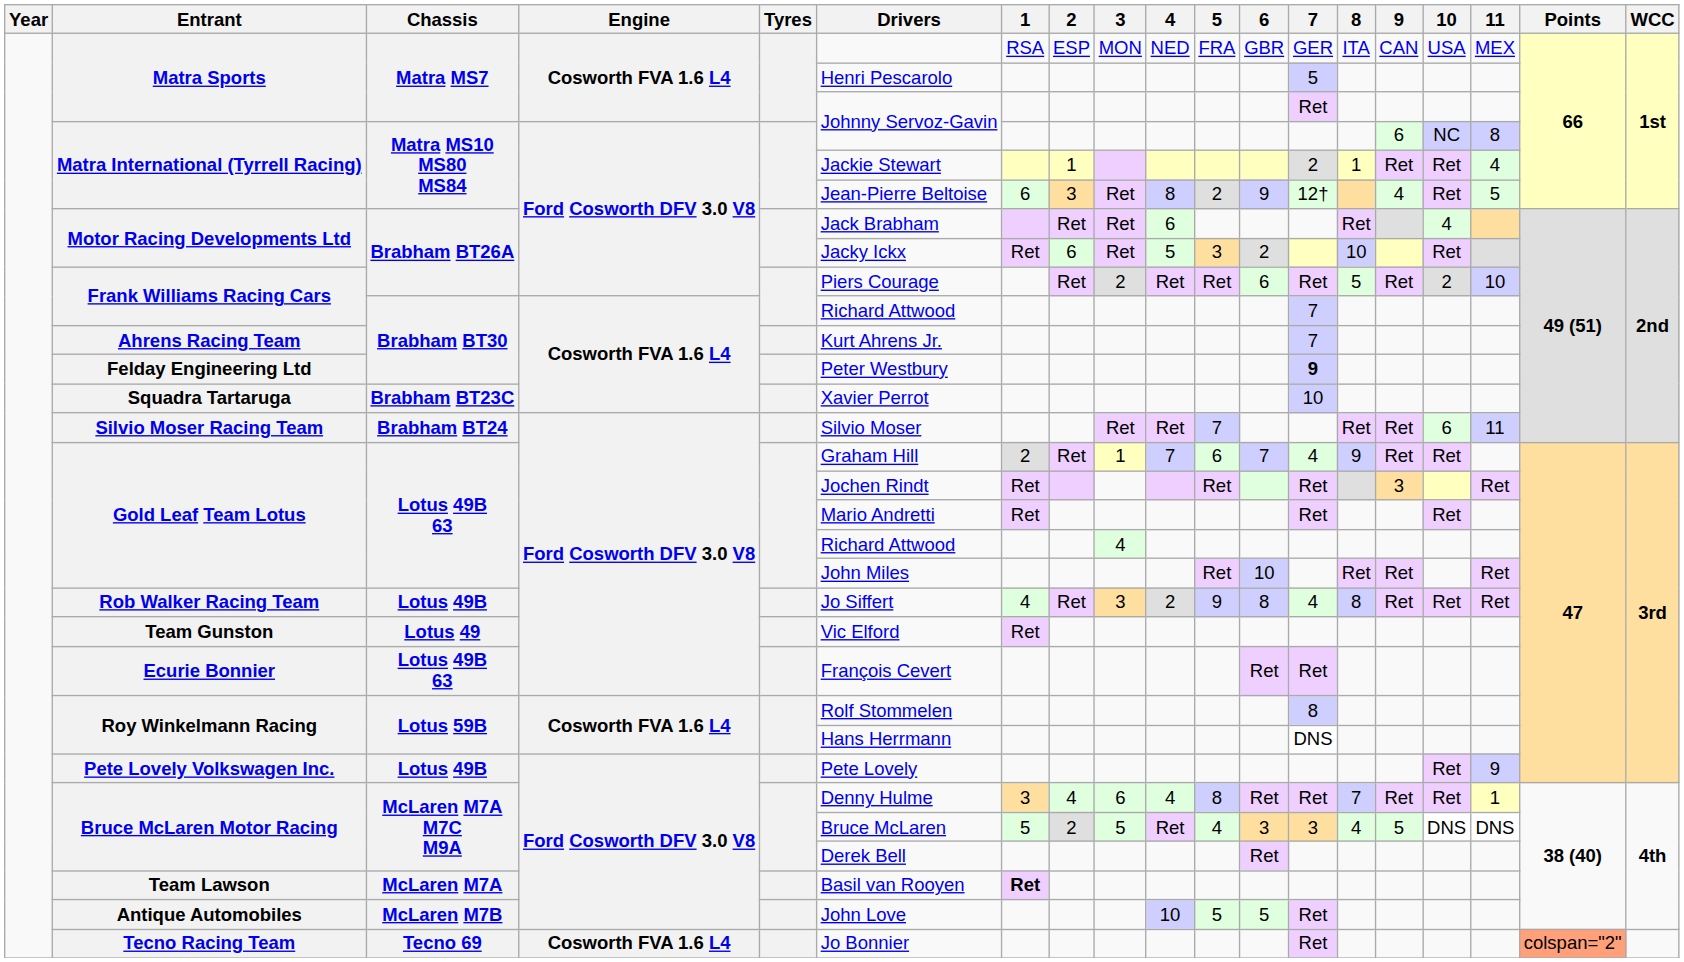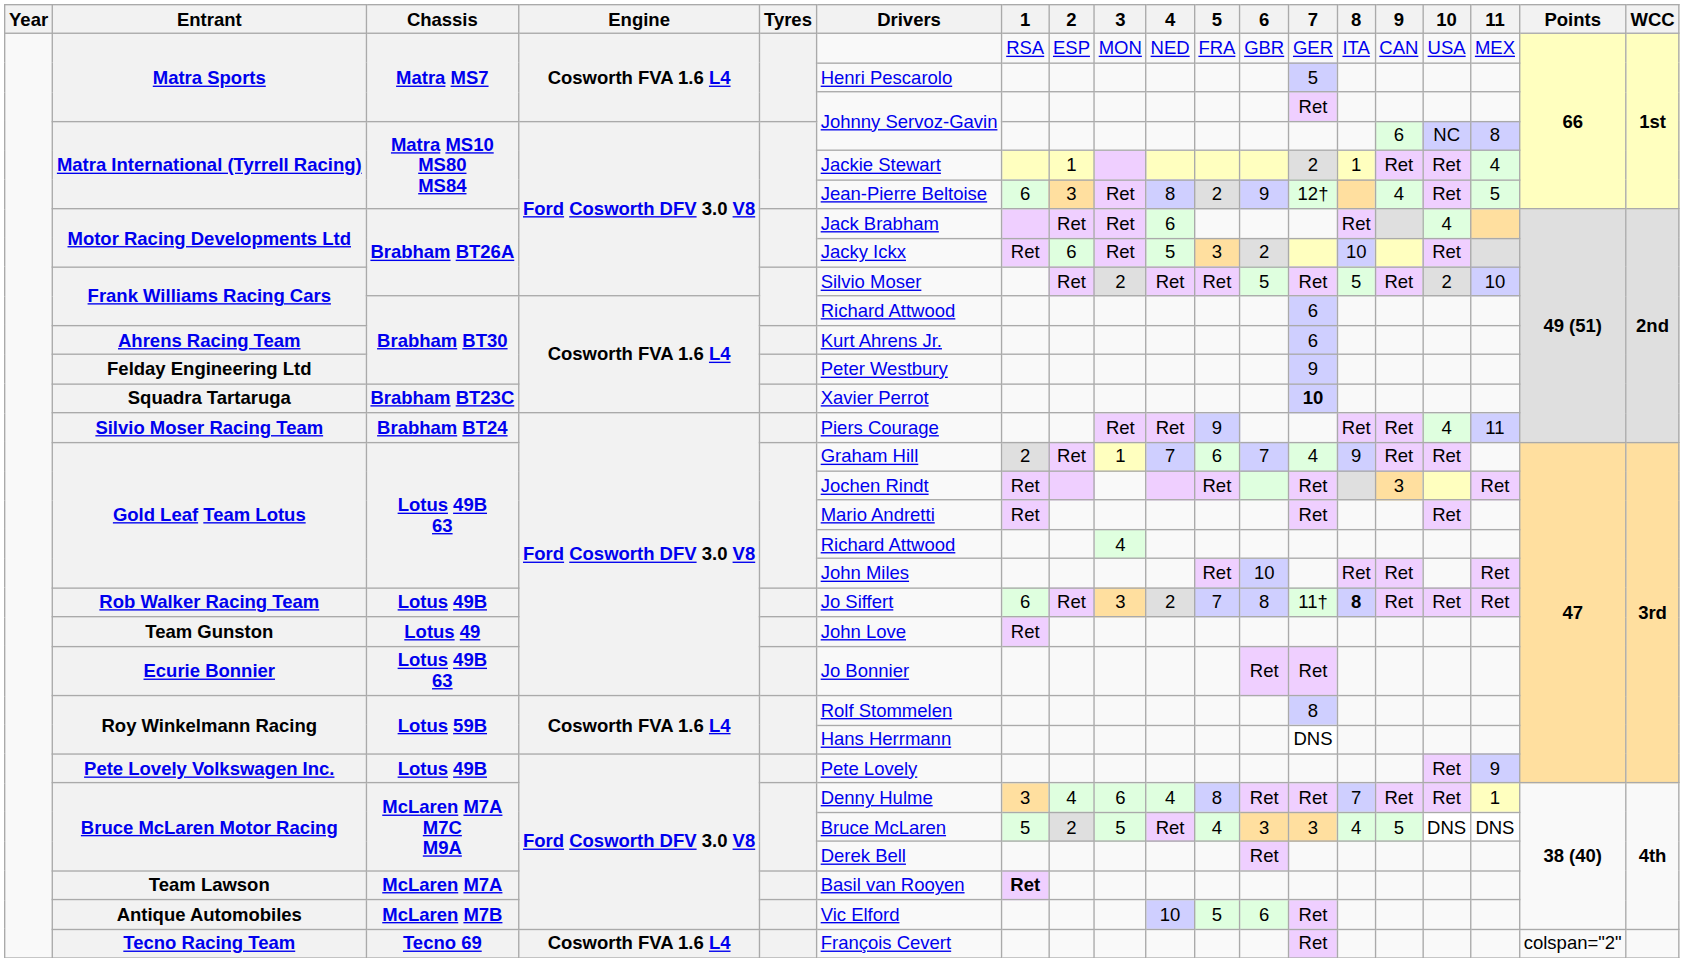 <table class="wikitable" style="text-align:center; font-size:85%">
 <tr>
 <th>Year</th>
 <th>Entrant</th>
 <th>Chassis</th>
 <th>Engine</th>
 <th>Tyres</th>
 <th>Drivers</th>
 <th>1</th>
 <th>2</th>
 <th>3</th>
 <th>4</th>
 <th>5</th>
 <th>6</th>
 <th>7</th>
 <th>8</th>
 <th>9</th>
 <th>10</th>
 <th>11</th>
 <th>Points</th>
 <th>WCC</th>
 </tr>
 <tr>
 <td rowspan="31"></td>
 <th rowspan="3"><a href='#'>Matra Sports</a></th>
 <th rowspan="3"><a href='#'>Matra</a> <a href='#'>MS7</a></th>
 <th rowspan="3">Cosworth FVA 1.6 <a href='#'>L4</a></th>
 <th rowspan="3"></th>
 <td></td>
 <td><a href='#'>RSA</a></td>
 <td><a href='#'>ESP</a></td>
 <td><a href='#'>MON</a></td>
 <td><a href='#'>NED</a></td>
 <td><a href='#'>FRA</a></td>
 <td><a href='#'>GBR</a></td>
 <td><a href='#'>GER</a></td>
 <td><a href='#'>ITA</a></td>
 <td><a href='#'>CAN</a></td>
 <td><a href='#'>USA</a></td>
 <td><a href='#'>MEX</a></td>
 <td rowspan="6" style="background:#ffffbf;"><strong>66</strong></td>
 <td rowspan="6" style="background:#ffffbf;"><strong>1st</strong></td>
 </tr>
 <tr>
 <td align="left"><a href='#'>Henri Pescarolo</a></td>
 <td></td>
 <td></td>
 <td></td>
 <td></td>
 <td></td>
 <td></td>
 <td style="background:#CFCFFF;">5</td>
 <td></td>
 <td></td>
 <td></td>
 <td></td>
 </tr>
 <tr>
 <td align="left" rowspan="2"><a href='#'>Johnny Servoz-Gavin</a></td>
 <td></td>
 <td></td>
 <td></td>
 <td></td>
 <td></td>
 <td></td>
 <td style="background:#EFCFFF;">Ret</td>
 <td></td>
 <td></td>
 <td></td>
 <td></td>
 </tr>
 <tr>
 <th rowspan="3"><a href='#'>Matra International (Tyrrell Racing)</a></th>
 <th rowspan="3"><a href='#'>Matra</a> <a href='#'>MS10</a><br><a href='#'>MS80</a><br><a href='#'>MS84</a></th>
 <th rowspan="6"><a href='#'>Ford</a> <a href='#'>Cosworth DFV</a> 3.0 <a href='#'>V8</a></th>
 <th rowspan="3"></th>
 <td></td>
 <td></td>
 <td></td>
 <td></td>
 <td></td>
 <td></td>
 <td></td>
 <td></td>
 <td style="background:#dfffdf;">6</td>
 <td style="background:#cfcfff;">NC</td>
 <td style="background:#cfcfff;">8</td>
 </tr>
 <tr>
 <td align="left"><a href='#'>Jackie Stewart</a></td>
 <td style="background:#ffffbf;"></td>
 <td style="background:#ffffbf;">1</td>
 <td style="background:#efcfff;"></td>
 <td style="background:#ffffbf;"></td>
 <td style="background:#ffffbf;"></td>
 <td style="background:#ffffbf;"></td>
 <td style="background:#dfdfdf;">2</td>
 <td style="background:#ffffbf;">1</td>
 <td style="background:#efcfff;">Ret</td>
 <td style="background:#efcfff;">Ret</td>
 <td style="background:#dfffdf;">4</td>
 </tr>
 <tr>
 <td align="left"><a href='#'>Jean-Pierre Beltoise</a></td>
 <td style="background:#dfffdf;">6</td>
 <td style="background:#ffdf9f;">3</td>
 <td style="background:#efcfff;">Ret</td>
 <td style="background:#cfcfff;">8</td>
 <td style="background:#dfdfdf;">2</td>
 <td style="background:#cfcfff;">9</td>
 <td style="background:#dfffdf;">12†</td>
 <td style="background:#ffdf9f;"></td>
 <td style="background:#dfffdf;">4</td>
 <td style="background:#efcfff;">Ret</td>
 <td style="background:#dfffdf;">5</td>
 </tr>
 <tr>
 <th rowspan="2"><a href='#'>Motor Racing Developments Ltd</a></th>
 <th rowspan="3"><a href='#'>Brabham</a> <a href='#'>BT26A</a></th>
 <th rowspan="2"></th>
 <td align="left"><a href='#'>Jack Brabham</a></td>
 <td style="background:#efcfff;"></td>
 <td style="background:#efcfff;">Ret</td>
 <td style="background:#efcfff;">Ret</td>
 <td style="background:#dfffdf;">6</td>
 <td></td>
 <td></td>
 <td></td>
 <td style="background:#efcfff;">Ret</td>
 <td style="background:#dfdfdf;"></td>
 <td style="background:#dfffdf;">4</td>
 <td style="background:#ffdf9f;"></td>
 <td rowspan="8" style="background:#dfdfdf;"><strong>49 (51)</strong></td>
 <td rowspan="8" style="background:#dfdfdf;"><strong>2nd</strong></td>
 </tr>
 <tr>
 <td align="left"><a href='#'>Jacky Ickx</a></td>
 <td style="background:#efcfff;">Ret</td>
 <td style="background:#dfffdf;">6</td>
 <td style="background:#efcfff;">Ret</td>
 <td style="background:#dfffdf;">5</td>
 <td style="background:#ffdf9f;">3</td>
 <td style="background:#dfdfdf;">2</td>
 <td style="background:#ffffbf;"></td>
 <td style="background:#cfcfff;">10</td>
 <td style="background:#ffffbf;"></td>
 <td style="background:#efcfff;">Ret</td>
 <td style="background:#dfdfdf;"></td>
 </tr>
 <tr>
 <th rowspan="2"><a href='#'>Frank Williams Racing Cars</a></th>
 <th rowspan="2"></th>
-<td align="left"><a href='#'>Piers Courage</a></td>
+<td align="left"><a href='#'>Silvio Moser</a></td>
 <td></td>
 <td style="background:#efcfff;">Ret</td>
 <td style="background:#dfdfdf;">2</td>
 <td style="background:#efcfff;">Ret</td>
 <td style="background:#efcfff;">Ret</td>
-<td style="background:#dfffdf;">6</td>
+<td style="background:#dfffdf;">5</td>
 <td style="background:#efcfff;">Ret</td>
 <td style="background:#dfffdf;">5</td>
 <td style="background:#efcfff;">Ret</td>
 <td style="background:#dfdfdf;">2</td>
 <td style="background:#cfcfff;">10</td>
 </tr>
 <tr>
 <th rowspan="3"><a href='#'>Brabham</a> <a href='#'>BT30</a></th>
 <th rowspan="4">Cosworth FVA 1.6 <a href='#'>L4</a></th>
 <td align="left"><a href='#'>Richard Attwood</a></td>
 <td></td>
 <td></td>
 <td></td>
 <td></td>
 <td></td>
 <td></td>
-<td style="background:#cfcfff;">7</td>
+<td style="background:#cfcfff;">6</td>
 <td></td>
 <td></td>
 <td></td>
 <td></td>
 </tr>
 <tr>
 <th><a href='#'>Ahrens Racing Team</a></th>
 <th></th>
 <td align="left"><a href='#'>Kurt Ahrens Jr.</a></td>
 <td></td>
 <td></td>
 <td></td>
 <td></td>
 <td></td>
 <td></td>
-<td style="background:#cfcfff;">7</td>
+<td style="background:#cfcfff;">6</td>
 <td></td>
 <td></td>
 <td></td>
 <td></td>
 </tr>
 <tr>
 <th>Felday Engineering Ltd</th>
 <th></th>
 <td align="left"><a href='#'>Peter Westbury</a></td>
 <td></td>
 <td></td>
 <td></td>
 <td></td>
 <td></td>
 <td></td>
-<td style="background:#cfcfff;"><strong>9</strong></td>
+<td style="background:#cfcfff;">9</td>
 <td></td>
 <td></td>
 <td></td>
 <td></td>
 </tr>
 <tr>
 <th>Squadra Tartaruga</th>
 <th><a href='#'>Brabham</a> <a href='#'>BT23C</a></th>
 <th></th>
 <td align="left"><a href='#'>Xavier Perrot</a></td>
 <td></td>
 <td></td>
 <td></td>
 <td></td>
 <td></td>
 <td></td>
-<td style="background:#cfcfff;">10</td>
+<td style="background:#cfcfff;"><strong>10</strong></td>
 <td></td>
 <td></td>
 <td></td>
 <td></td>
 </tr>
 <tr>
 <th><a href='#'>Silvio Moser Racing Team</a></th>
 <th><a href='#'>Brabham</a> <a href='#'>BT24</a></th>
 <th rowspan="9"><a href='#'>Ford</a> <a href='#'>Cosworth DFV</a> 3.0 <a href='#'>V8</a></th>
 <th></th>
-<td align="left"><a href='#'>Silvio Moser</a></td>
+<td align="left"><a href='#'>Piers Courage</a></td>
 <td></td>
 <td></td>
 <td style="background:#efcfff;">Ret</td>
 <td style="background:#efcfff;">Ret</td>
-<td style="background:#cfcfff;">7</td>
+<td style="background:#cfcfff;">9</td>
 <td></td>
 <td></td>
 <td style="background:#efcfff;">Ret</td>
 <td style="background:#efcfff;">Ret</td>
-<td style="background:#dfffdf;">6</td>
+<td style="background:#dfffdf;">4</td>
 <td style="background:#cfcfff;">11</td>
 </tr>
 <tr>
 <th rowspan="5"><a href='#'>Gold Leaf</a> <a href='#'>Team Lotus</a></th>
 <th rowspan="5"><a href='#'>Lotus</a> <a href='#'>49B</a><br><a href='#'>63</a></th>
 <th rowspan="5"></th>
 <td align="left"><a href='#'>Graham Hill</a></td>
 <td style="background:#dfdfdf;">2</td>
 <td style="background:#efcfff;">Ret</td>
 <td style="background:#ffffbf;">1</td>
 <td style="background:#cfcfff;">7</td>
 <td style="background:#dfffdf;">6</td>
 <td style="background:#cfcfff;">7</td>
 <td style="background:#dfffdf;">4</td>
 <td style="background:#cfcfff;">9</td>
 <td style="background:#efcfff;">Ret</td>
 <td style="background:#efcfff;">Ret</td>
 <td></td>
 <td rowspan="11" style="background:#ffdf9f;"><strong>47</strong></td>
 <td rowspan="11" style="background:#ffdf9f;"><strong>3rd</strong></td>
 </tr>
 <tr>
 <td align="left"><a href='#'>Jochen Rindt</a></td>
 <td style="background:#efcfff;">Ret</td>
 <td style="background:#efcfff;"></td>
 <td></td>
 <td style="background:#efcfff;"></td>
 <td style="background:#efcfff;">Ret</td>
 <td style="background:#dfffdf;"></td>
 <td style="background:#efcfff;">Ret</td>
 <td style="background:#dfdfdf;"></td>
 <td style="background:#ffdf9f;">3</td>
 <td style="background:#ffffbf;"></td>
 <td style="background:#efcfff;">Ret</td>
 </tr>
 <tr>
 <td align="left"><a href='#'>Mario Andretti</a></td>
 <td style="background:#efcfff;">Ret</td>
 <td></td>
 <td></td>
 <td></td>
 <td></td>
 <td></td>
 <td style="background:#efcfff;">Ret</td>
 <td></td>
 <td></td>
 <td style="background:#efcfff;">Ret</td>
 <td></td>
 </tr>
 <tr>
 <td align="left"><a href='#'>Richard Attwood</a></td>
 <td></td>
 <td></td>
 <td style="background:#dfffdf;">4</td>
 <td></td>
 <td></td>
 <td></td>
 <td></td>
 <td></td>
 <td></td>
 <td></td>
 <td></td>
 </tr>
 <tr>
 <td align="left"><a href='#'>John Miles</a></td>
 <td></td>
 <td></td>
 <td></td>
 <td></td>
 <td style="background:#efcfff;">Ret</td>
 <td style="background:#cfcfff;">10</td>
 <td></td>
 <td style="background:#efcfff;">Ret</td>
 <td style="background:#efcfff;">Ret</td>
 <td></td>
 <td style="background:#efcfff;">Ret</td>
 </tr>
 <tr>
 <th><a href='#'>Rob Walker Racing Team</a></th>
 <th><a href='#'>Lotus</a> <a href='#'>49B</a></th>
 <th></th>
 <td align="left"><a href='#'>Jo Siffert</a></td>
-<td style="background:#dfffdf;">4</td>
+<td style="background:#dfffdf;">6</td>
 <td style="background:#efcfff;">Ret</td>
 <td style="background:#ffdf9f;">3</td>
 <td style="background:#dfdfdf;">2</td>
-<td style="background:#cfcfff;">9</td>
+<td style="background:#cfcfff;">7</td>
 <td style="background:#cfcfff;">8</td>
-<td style="background:#dfffdf;">4</td>
-<td style="background:#cfcfff;">8</td>
+<td style="background:#dfffdf;">11†</td>
+<td style="background:#cfcfff;"><strong>8</strong></td>
 <td style="background:#efcfff;">Ret</td>
 <td style="background:#efcfff;">Ret</td>
 <td style="background:#efcfff;">Ret</td>
 </tr>
 <tr>
 <th>Team Gunston</th>
 <th><a href='#'>Lotus</a> <a href='#'>49</a></th>
 <th></th>
-<td align="left"><a href='#'>Vic Elford</a></td>
+<td align="left"><a href='#'>John Love</a></td>
 <td style="background:#efcfff;">Ret</td>
 <td></td>
 <td></td>
 <td></td>
 <td></td>
 <td></td>
 <td></td>
 <td></td>
 <td></td>
 <td></td>
 <td></td>
 </tr>
 <tr>
 <th><a href='#'>Ecurie Bonnier</a></th>
 <th><a href='#'>Lotus</a> <a href='#'>49B</a><br><a href='#'>63</a></th>
 <th></th>
-<td align="left"><a href='#'>François Cevert</a></td>
+<td align="left"><a href='#'>Jo Bonnier</a></td>
 <td></td>
 <td></td>
 <td></td>
 <td></td>
 <td></td>
 <td style="background:#efcfff;">Ret</td>
 <td style="background:#efcfff;">Ret</td>
 <td></td>
 <td></td>
 <td></td>
 <td></td>
 </tr>
 <tr>
 <th rowspan="2">Roy Winkelmann Racing</th>
 <th rowspan="2"><a href='#'>Lotus</a> <a href='#'>59B</a></th>
 <th rowspan="2">Cosworth FVA 1.6 <a href='#'>L4</a></th>
 <th rowspan="2"></th>
 <td align="left"><a href='#'>Rolf Stommelen</a></td>
 <td></td>
 <td></td>
 <td></td>
 <td></td>
 <td></td>
 <td></td>
 <td style="background:#cfcfff;">8</td>
 <td></td>
 <td></td>
 <td></td>
 <td></td>
 </tr>
 <tr>
 <td align="left"><a href='#'>Hans Herrmann</a></td>
 <td></td>
 <td></td>
 <td></td>
 <td></td>
 <td></td>
 <td></td>
 <td style="background:#ffffff;">DNS</td>
 <td></td>
 <td></td>
 <td></td>
 <td></td>
 </tr>
 <tr>
 <th><a href='#'>Pete Lovely Volkswagen Inc.</a></th>
 <th><a href='#'>Lotus</a> <a href='#'>49B</a></th>
 <th rowspan="6"><a href='#'>Ford</a> <a href='#'>Cosworth DFV</a> 3.0 <a href='#'>V8</a></th>
 <th></th>
 <td align="left"><a href='#'>Pete Lovely</a></td>
 <td></td>
 <td></td>
 <td></td>
 <td></td>
 <td></td>
 <td></td>
 <td></td>
 <td></td>
 <td></td>
 <td style="background:#efcfff;">Ret</td>
 <td style="background:#cfcfff;">9</td>
 </tr>
 <tr>
 <th rowspan="3"><a href='#'>Bruce McLaren Motor Racing</a></th>
 <th rowspan="3"><a href='#'>McLaren</a> <a href='#'>M7A</a><br><a href='#'>M7C</a><br><a href='#'>M9A</a></th>
 <th rowspan="3"></th>
 <td align="left"><a href='#'>Denny Hulme</a></td>
 <td style="background:#ffdf9f;">3</td>
 <td style="background:#dfffdf;">4</td>
 <td style="background:#dfffdf;">6</td>
 <td style="background:#dfffdf;">4</td>
 <td style="background:#cfcfff;">8</td>
 <td style="background:#efcfff;">Ret</td>
 <td style="background:#efcfff;">Ret</td>
 <td style="background:#cfcfff;">7</td>
 <td style="background:#efcfff;">Ret</td>
 <td style="background:#efcfff;">Ret</td>
 <td style="background:#ffffbf;">1</td>
 <td rowspan="5"><strong>38 (40)</strong></td>
 <td rowspan="5"><strong>4th</strong></td>
 </tr>
 <tr>
 <td align="left"><a href='#'>Bruce McLaren</a></td>
 <td style="background:#dfffdf;">5</td>
 <td style="background:#dfdfdf;">2</td>
 <td style="background:#dfffdf;">5</td>
 <td style="background:#efcfff;">Ret</td>
 <td style="background:#dfffdf;">4</td>
 <td style="background:#ffdf9f;">3</td>
 <td style="background:#ffdf9f;">3</td>
 <td style="background:#dfffdf;">4</td>
 <td style="background:#dfffdf;">5</td>
 <td style="background:#ffffff;">DNS</td>
 <td style="background:#ffffff;">DNS</td>
 </tr>
 <tr>
 <td align="left"><a href='#'>Derek Bell</a></td>
 <td></td>
 <td></td>
 <td></td>
 <td></td>
 <td></td>
 <td style="background:#efcfff;">Ret</td>
 <td></td>
 <td></td>
 <td></td>
 <td></td>
 <td></td>
 </tr>
 <tr>
 <th>Team Lawson</th>
 <th><a href='#'>McLaren</a> <a href='#'>M7A</a></th>
 <th></th>
 <td align="left"><a href='#'>Basil van Rooyen</a></td>
 <td style="background:#efcfff;"><strong>Ret</strong></td>
 <td></td>
 <td></td>
 <td></td>
 <td></td>
 <td></td>
 <td></td>
 <td></td>
 <td></td>
 <td></td>
 <td></td>
 </tr>
 <tr>
 <th>Antique Automobiles</th>
 <th><a href='#'>McLaren</a> <a href='#'>M7B</a></th>
 <th></th>
-<td align="left"><a href='#'>John Love</a></td>
+<td align="left"><a href='#'>Vic Elford</a></td>
 <td></td>
 <td></td>
 <td></td>
 <td style="background:#cfcfff;">10</td>
 <td style="background:#dfffdf;">5</td>
-<td style="background:#dfffdf;">5</td>
+<td style="background:#dfffdf;">6</td>
 <td style="background:#efcfff;">Ret</td>
 <td></td>
 <td></td>
 <td></td>
 <td></td>
 </tr>
 <tr>
 <th><a href='#'>Tecno Racing Team</a></th>
 <th><a href='#'>Tecno 69</a></th>
 <th>Cosworth FVA 1.6 <a href='#'>L4</a></th>
 <th></th>
-<td align="left"><a href='#'>Jo Bonnier</a></td>
+<td align="left"><a href='#'>François Cevert</a></td>
 <td></td>
 <td></td>
 <td></td>
 <td></td>
 <td></td>
 <td></td>
 <td style="background:#efcfff;">Ret</td>
 <td></td>
 <td></td>
 <td></td>
 <td></td>
-<td style="background: lightsalmon;">colspan="2" </td>
+<td>colspan="2" </td>
 </tr>
 </table>
